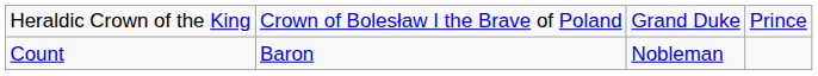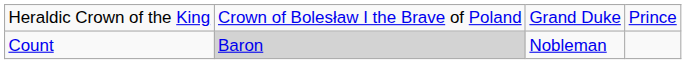 <table class="wikitable">
 <tr>
 <td> Heraldic Crown of the <a href='#'>King</a></td>
 <td> <a href='#'>Crown of Bolesław I the Brave</a> of <a href='#'>Poland</a></td>
 <td> <a href='#'>Grand Duke</a></td>
 <td> <a href='#'>Prince</a></td>
 </tr>
 <tr>
 <td> <a href='#'>Count</a></td>
-<td> <a href='#'>Baron</a></td>
+<td style="background: lightgrey;"> <a href='#'>Baron</a></td>
 <td> <a href='#'>Nobleman</a></td>
 </tr>
 </table>
